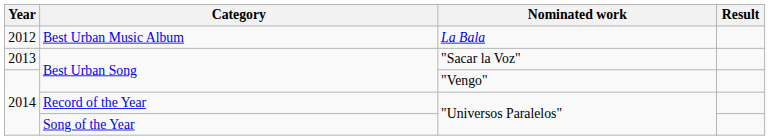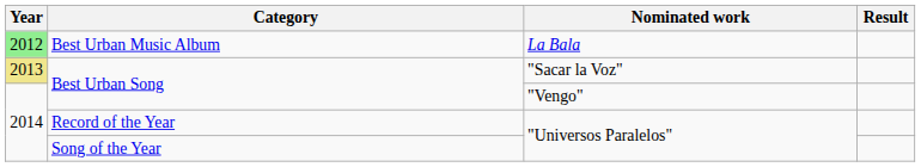 <table class="wikitable plainrowheaders" style="width:70%">
 <tr>
 <th scope="col" style="width:4%;">Year</th>
 <th scope="col" style="width:50%;">Category</th>
 <th scope="col" style="width:35%;">Nominated work</th>
 <th scope="col" style="width:6%;">Result</th>
 </tr>
 <tr>
-<td style="text-align:center;">2012</td>
+<td style="background: lightgreen; text-align:center;">2012</td>
 <td><a href='#'>Best Urban Music Album</a></td>
 <td><em><a href='#'>La Bala</a></em></td>
 <td></td>
 </tr>
 <tr>
-<td style="text-align:center;">2013</td>
+<td style="background: khaki; text-align:center;">2013</td>
 <td rowspan="2"><a href='#'>Best Urban Song</a></td>
 <td>"Sacar la Voz" </td>
 <td></td>
 </tr>
 <tr>
 <td style="text-align:center;" rowspan="3">2014</td>
 <td>"Vengo"</td>
 <td></td>
 </tr>
 <tr>
 <td><a href='#'>Record of the Year</a></td>
 <td rowspan="2">"Universos Paralelos" </td>
 <td></td>
 </tr>
 <tr>
 <td><a href='#'>Song of the Year</a></td>
 <td></td>
 </tr>
 </table>
